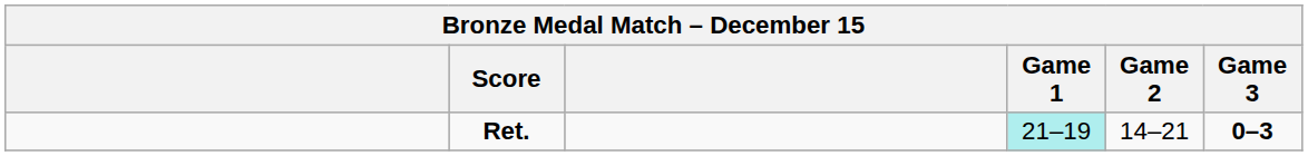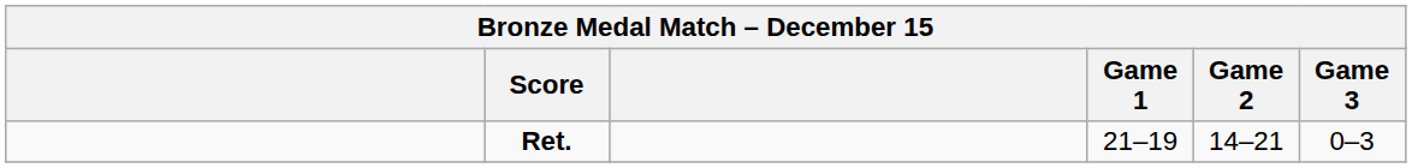 <table class="wikitable" style="text-align: center; font-size:90% ">
 <tr>
 <th colspan=6>Bronze Medal Match – December 15</th>
 </tr>
 <tr>
 <th align="right" width="250"></th>
 <th width="60">Score</th>
 <th align="left" width="250"></th>
 <th width="50">Game 1</th>
 <th width="50">Game 2</th>
 <th width="50">Game 3</th>
 </tr>
 <tr>
 <td align=left></td>
 <td align=center><strong>Ret.</strong></td>
 <td align=left><strong></strong></td>
-<td style="background: paleturquoise;">21–19</td>
+<td>21–19</td>
 <td>14–21</td>
-<td><strong>0–3</strong></td>
+<td>0–3</td>
 </tr>
 </table>
